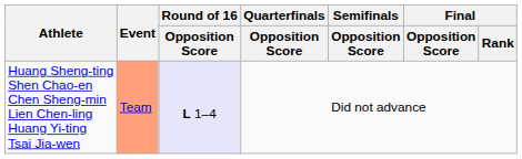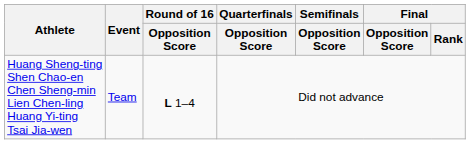 <table class="wikitable" style="font-size:90%; text-align:center">
 <tr>
 <th rowspan="2">Athlete</th>
 <th rowspan="2">Event</th>
 <th>Round of 16</th>
 <th>Quarterfinals</th>
 <th>Semifinals</th>
 <th colspan="2">Final</th>
 </tr>
 <tr>
 <th>Opposition<br>Score</th>
 <th>Opposition<br>Score</th>
 <th>Opposition<br>Score</th>
 <th>Opposition<br>Score</th>
 <th>Rank</th>
 </tr>
 <tr>
 <td align="left"><a href='#'>Huang Sheng-ting</a><br><a href='#'>Shen Chao-en</a><br><a href='#'>Chen Sheng-min</a><br><a href='#'>Lien Chen-ling</a><br><a href='#'>Huang Yi-ting</a><br><a href='#'>Tsai Jia-wen</a></td>
-<td align="left" style="background: lightsalmon;"><a href='#'>Team</a></td>
-<td style="background: lavender;"><br><strong>L</strong> 1–4</td>
+<td align="left"><a href='#'>Team</a></td>
+<td><br><strong>L</strong> 1–4</td>
 <td colspan="4">Did not advance</td>
 </tr>
 </table>
